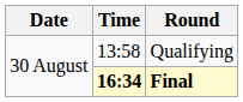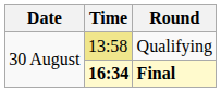 <table class="wikitable">
 <tr>
 <th>Date</th>
 <th>Time</th>
 <th>Round</th>
 </tr>
 <tr>
 <td rowspan=2>30 August</td>
-<td>13:58</td>
+<td style="background: khaki;">13:58</td>
 <td>Qualifying</td>
 </tr>
 <tr style="background:lemonchiffon">
 <td><strong>16:34</strong></td>
 <td><strong>Final</strong></td>
 </tr>
 </table>
